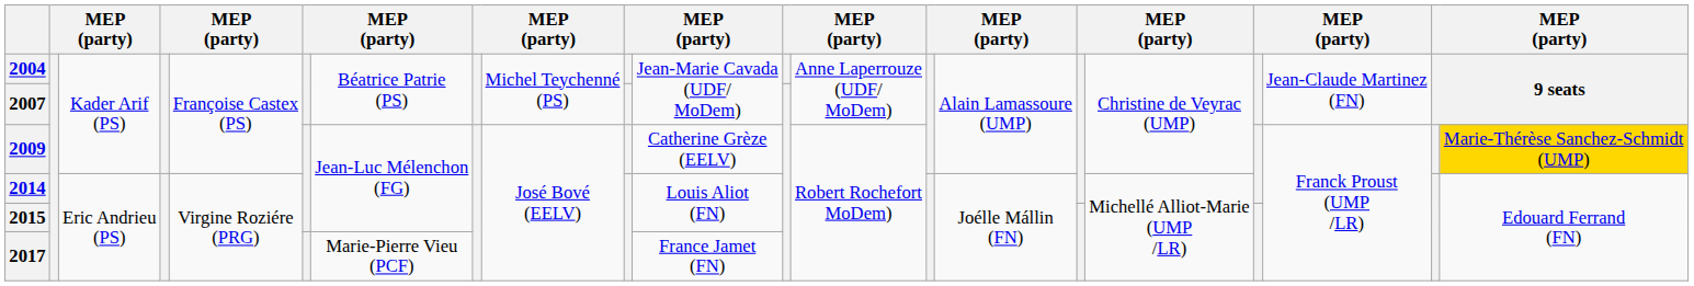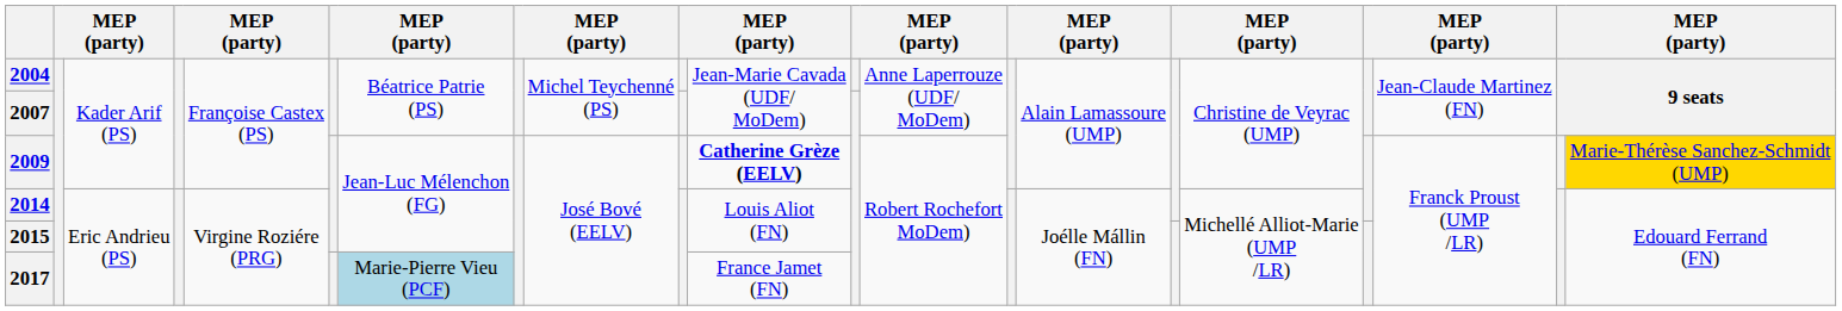 <table class="wikitable" style="text-align:center">
 <tr>
 <th></th>
 <th colspan=2>MEP<br>(party)</th>
 <th colspan=2>MEP<br>(party)</th>
 <th colspan=2>MEP<br>(party)</th>
 <th colspan=2>MEP<br>(party)</th>
 <th colspan=2>MEP<br>(party)</th>
 <th colspan=2>MEP<br>(party)</th>
 <th colspan=2>MEP<br>(party)</th>
 <th colspan=2>MEP<br>(party)</th>
 <th colspan=2>MEP<br>(party)</th>
 <th colspan=2>MEP<br>(party)</th>
 </tr>
 <tr>
 <th><a href='#'>2004</a></th>
 <th rowspan=6 style="background-color: "></th>
 <td rowspan=3><a href='#'>Kader Arif</a><br>(<a href='#'>PS</a>)</td>
 <th rowspan=3 style="background-color: "></th>
 <td rowspan=3><a href='#'>Françoise Castex</a><br>(<a href='#'>PS</a>)</td>
 <th rowspan=2 style="background-color: "></th>
 <td rowspan=2><a href='#'>Béatrice Patrie</a><br>(<a href='#'>PS</a>)</td>
 <th rowspan=2 style="background-color: "></th>
 <td rowspan=2><a href='#'>Michel Teychenné</a><br>(<a href='#'>PS</a>)</td>
 <th rowspan=1 style="background-color: "></th>
 <td rowspan=2><a href='#'>Jean-Marie Cavada</a><br>(<a href='#'>UDF</a>/<br><a href='#'>MoDem</a>)</td>
 <th rowspan=1 style="background-color: "></th>
 <td rowspan=2><a href='#'>Anne Laperrouze</a><br>(<a href='#'>UDF</a>/<br><a href='#'>MoDem</a>)</td>
 <th rowspan=3 style="background-color: "></th>
 <td rowspan=3><a href='#'>Alain Lamassoure</a><br>(<a href='#'>UMP</a>)</td>
 <th rowspan=4 style="background-color: "></th>
 <td rowspan=3><a href='#'>Christine de Veyrac</a><br>(<a href='#'>UMP</a>)</td>
 <th rowspan=2 style="background-color: "></th>
 <td rowspan=2><a href='#'>Jean-Claude Martinez</a><br>(<a href='#'>FN</a>)</td>
 <th colspan=2; rowspan=2>9 seats</th>
 </tr>
 <tr>
 <th>2007</th>
 <th rowspan=1 style="background-color: "></th>
 <th rowspan=5 style="background-color: "></th>
 </tr>
 <tr>
 <th><a href='#'>2009</a></th>
 <th rowspan=3 style="background-color: "></th>
 <td rowspan=3><a href='#'>Jean-Luc Mélenchon</a><br>(<a href='#'>FG</a>)</td>
 <th rowspan=4 style="background-color: "></th>
 <td rowspan=4><a href='#'>José Bové</a><br>(<a href='#'>EELV</a>)</td>
 <th rowspan=1 style="background-color: "></th>
-<td rowspan=1><a href='#'>Catherine Grèze</a><br>(<a href='#'>EELV</a>)</td>
+<td rowspan=1><strong><a href='#'>Catherine Grèze</a><br>(<a href='#'>EELV</a>)</strong></td>
 <td rowspan=4><a href='#'>Robert Rochefort</a><br><a href='#'>MoDem</a>)</td>
 <th rowspan=2 style="background-color: "></th>
 <td rowspan=4><a href='#'>Franck Proust</a><br>(<a href='#'>UMP</a><br>/<a href='#'>LR</a>)</td>
 <th rowspan=1 style="background-color: "></th>
 <td rowspan=1 style="background: gold;"><a href='#'>Marie-Thérèse Sanchez-Schmidt</a><br>(<a href='#'>UMP</a>)</td>
 </tr>
 <tr>
 <th><a href='#'>2014</a></th>
 <td rowspan=3>Eric Andrieu<br>(<a href='#'>PS</a>)</td>
 <th rowspan=3 style="background-color: "></th>
 <td rowspan=3>Virgine Roziére<br>(<a href='#'>PRG</a>)</td>
 <th rowspan=3 style="background-color: "></th>
 <td rowspan=2><a href='#'>Louis Aliot</a><br>(<a href='#'>FN</a>)</td>
 <th rowspan=3 style="background-color: "></th>
 <td rowspan=3>Joélle Mállin<br>(<a href='#'>FN</a>)</td>
 <td rowspan=3>Michellé Alliot-Marie<br>(<a href='#'>UMP</a><br>/<a href='#'>LR</a>)</td>
 <th rowspan=3 style="background-color: "></th>
 <td rowspan=3><a href='#'>Edouard Ferrand</a><br>(<a href='#'>FN</a>)</td>
 </tr>
 <tr>
 <th>2015</th>
 <th rowspan=2 style="background-color: "></th>
 <th rowspan=2 style="background-color: "></th>
 </tr>
 <tr>
 <th>2017</th>
 <th rowspan=1 style="background-color: "></th>
-<td rowspan=1>Marie-Pierre Vieu<br>(<a href='#'>PCF</a>)</td>
+<td rowspan=1 style="background: lightblue;">Marie-Pierre Vieu<br>(<a href='#'>PCF</a>)</td>
 <td rowspan=2><a href='#'>France Jamet</a><br>(<a href='#'>FN</a>)</td>
 </tr>
 </table>
